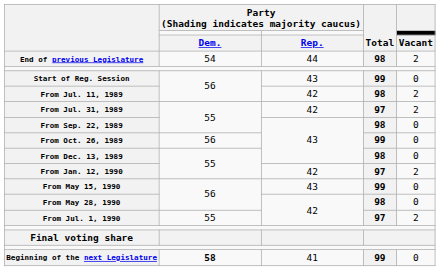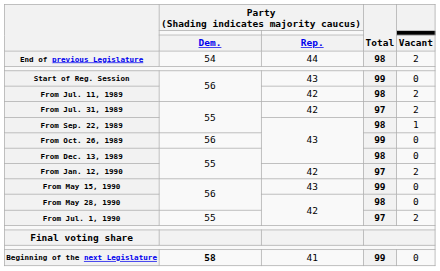 <table class=wikitable style="text-align:center">
 <tr style="vertical-align:bottom;">
 <th rowspan=3></th>
 <th colspan=2>Party <div>(Shading indicates majority caucus)</div></th>
 <th rowspan=3>Total</th>
 <th></th>
 </tr>
 <tr style="height:5px">
 <td style="background-color:"></td>
 <td style="background-color:"></td>
 <td style="background:black;"></td>
 </tr>
 <tr>
 <th><a href='#'>Dem.</a></th>
 <th><a href='#'>Rep.</a></th>
 <th>Vacant</th>
 </tr>
 <tr>
 <th style="font-size:80%;">End of <a href='#'>previous Legislature</a></th>
 <td>54</td>
 <td>44</td>
 <th>98</th>
 <td>2</td>
 </tr>
 <tr>
 <td colspan=5></td>
 </tr>
 <tr>
 <th style="font-size:80%;">Start of Reg. Session</th>
 <td rowspan="2" >56</td>
 <td>43</td>
 <th>99</th>
 <td>0</td>
 </tr>
 <tr>
 <th style="font-size:80%;">From Jul. 11, 1989</th>
 <td>42</td>
 <th>98</th>
 <td>2</td>
 </tr>
 <tr>
 <th style="font-size:80%;">From Jul. 31, 1989</th>
 <td rowspan="2" >55</td>
 <td>42</td>
 <th>97</th>
 <td>2</td>
 </tr>
 <tr>
 <th style="font-size:80%;">From Sep. 22, 1989</th>
 <td rowspan="3">43</td>
 <th>98</th>
-<td>0</td>
+<td>1</td>
 </tr>
 <tr>
 <th style="font-size:80%;">From Oct. 26, 1989</th>
 <td>56</td>
 <th>99</th>
 <td>0</td>
 </tr>
 <tr>
 <th style="font-size:80%;">From Dec. 13, 1989</th>
 <td rowspan="2" >55</td>
 <th>98</th>
 <td>0</td>
 </tr>
 <tr>
 <th style="font-size:80%;">From Jan. 12, 1990</th>
 <td>42</td>
 <th>97</th>
 <td>2</td>
 </tr>
 <tr>
 <th style="font-size:80%;">From May 15, 1990</th>
 <td rowspan="2" >56</td>
 <td>43</td>
 <th>99</th>
 <td>0</td>
 </tr>
 <tr>
 <th style="font-size:80%;">From May 28, 1990</th>
 <td rowspan="2">42</td>
 <th>98</th>
 <td>0</td>
 </tr>
 <tr>
 <th style="font-size:80%;">From Jul. 1, 1990</th>
 <td>55</td>
 <th>97</th>
 <td>2</td>
 </tr>
 <tr>
 <td colspan=5></td>
 </tr>
 <tr>
 <th>Final voting share</th>
 <th></th>
 <th></th>
 <th colspan=2></th>
 </tr>
 <tr>
 <td colspan=5></td>
 </tr>
 <tr>
 <th style="font-size:80%;">Beginning of the <a href='#'>next Legislature</a></th>
 <td><strong>58</strong></td>
 <td>41</td>
 <th>99</th>
 <td>0</td>
 </tr>
 </table>
